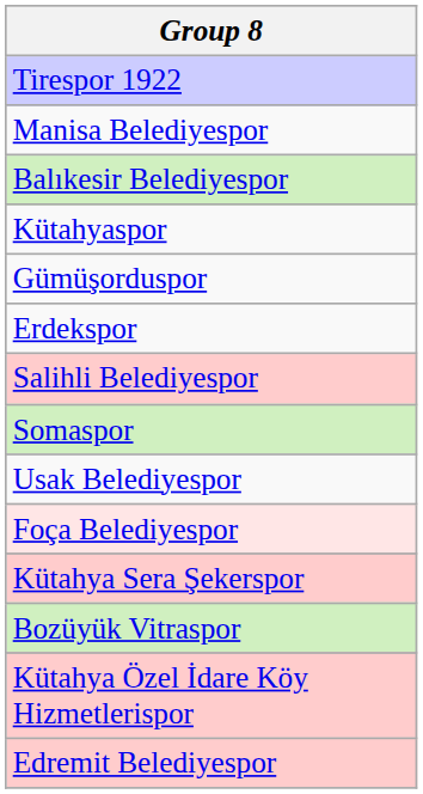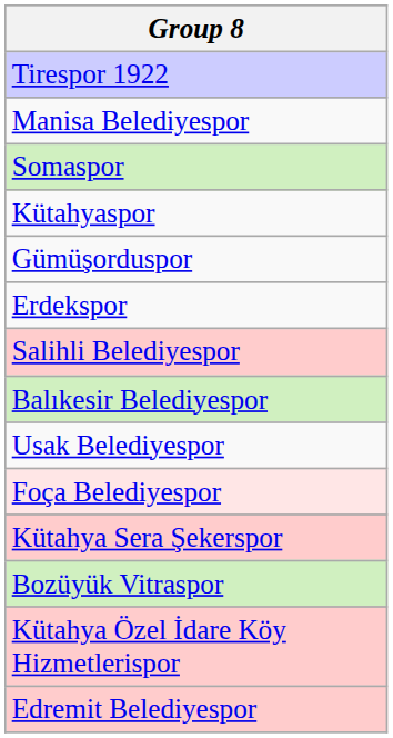 <table class="wikitable collapsible collapsed" style="font-size:95%;">
 <tr>
 <th colspan="1" width="200"><em>Group 8</em></th>
 </tr>
 <tr>
 <td style="background:#ccccff;"><a href='#'>Tirespor 1922</a></td>
 </tr>
 <tr>
 <td><a href='#'>Manisa Belediyespor</a></td>
 </tr>
 <tr>
-<td style="background:#D0F0C0;"><a href='#'>Balıkesir Belediyespor</a></td>
+<td style="background:#D0F0C0;"><a href='#'>Somaspor</a></td>
 </tr>
 <tr>
 <td><a href='#'>Kütahyaspor</a></td>
 </tr>
 <tr>
 <td><a href='#'>Gümüşorduspor</a></td>
 </tr>
 <tr>
 <td><a href='#'>Erdekspor</a></td>
 </tr>
 <tr>
 <td style="background:#fcc;"><a href='#'>Salihli Belediyespor</a></td>
 </tr>
 <tr>
-<td style="background:#D0F0C0;"><a href='#'>Somaspor</a></td>
+<td style="background:#D0F0C0;"><a href='#'>Balıkesir Belediyespor</a></td>
 </tr>
 <tr>
 <td><a href='#'>Usak Belediyespor</a></td>
 </tr>
 <tr>
 <td style="background:#FFE6E6;"><a href='#'>Foça Belediyespor</a></td>
 </tr>
 <tr>
 <td style="background:#fcc;"><a href='#'>Kütahya Sera Şekerspor</a></td>
 </tr>
 <tr>
 <td style="background:#D0F0C0;"><a href='#'>Bozüyük Vitraspor</a></td>
 </tr>
 <tr>
 <td style="background:#fcc;"><a href='#'>Kütahya Özel İdare Köy Hizmetlerispor</a></td>
 </tr>
 <tr>
 <td style="background:#fcc;"><a href='#'>Edremit Belediyespor</a></td>
 </tr>
 </table>
